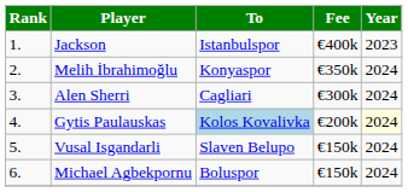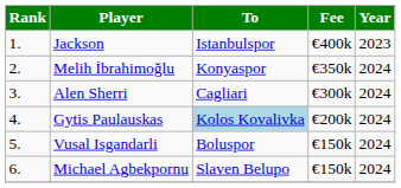 <table border="0" class="wikitable">
 <tr>
 <th style="color:white; background:green;">Rank</th>
 <th style="color:white; background:green;">Player</th>
 <th style="color:white; background:green;">To</th>
 <th style="color:white; background:green;">Fee</th>
 <th style="color:white; background:green;">Year</th>
 </tr>
 <tr>
 <td>1.</td>
 <td> <a href='#'>Jackson</a></td>
 <td> <a href='#'>Istanbulspor</a></td>
 <td>€400k</td>
 <td>2023</td>
 </tr>
 <tr>
 <td>2.</td>
 <td> <a href='#'>Melih İbrahimoğlu</a></td>
 <td> <a href='#'>Konyaspor</a></td>
 <td>€350k</td>
 <td>2024</td>
 </tr>
 <tr>
 <td>3.</td>
 <td> <a href='#'>Alen Sherri</a></td>
 <td> <a href='#'>Cagliari</a></td>
 <td>€300k</td>
 <td>2024</td>
 </tr>
 <tr>
 <td>4.</td>
 <td> <a href='#'>Gytis Paulauskas</a></td>
 <td style="background: lightblue;"> <a href='#'>Kolos Kovalivka</a></td>
 <td>€200k</td>
-<td style="background: lightyellow;">2024</td>
+<td>2024</td>
 </tr>
 <tr>
 <td>5.</td>
 <td> <a href='#'>Vusal Isgandarli</a></td>
-<td> <a href='#'>Slaven Belupo</a></td>
+<td> <a href='#'>Boluspor</a></td>
 <td>€150k</td>
 <td>2024</td>
 </tr>
 <tr>
 <td>6.</td>
 <td> <a href='#'>Michael Agbekpornu</a></td>
-<td> <a href='#'>Boluspor</a></td>
+<td> <a href='#'>Slaven Belupo</a></td>
 <td>€150k</td>
 <td>2024</td>
 </tr>
 <tr>
 </tr>
 </table>
